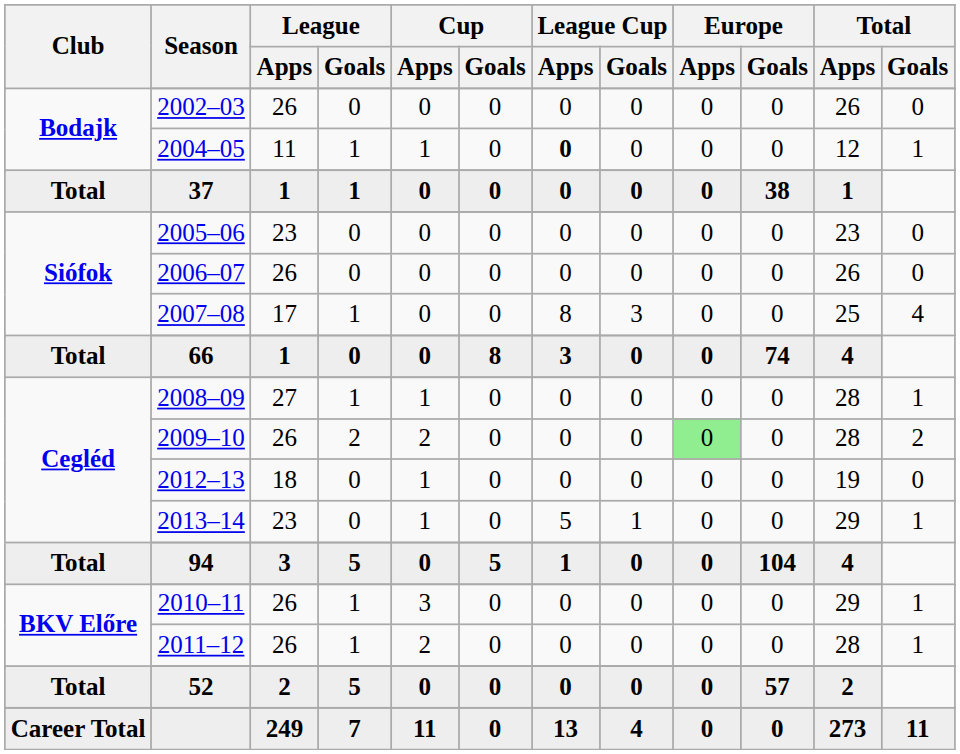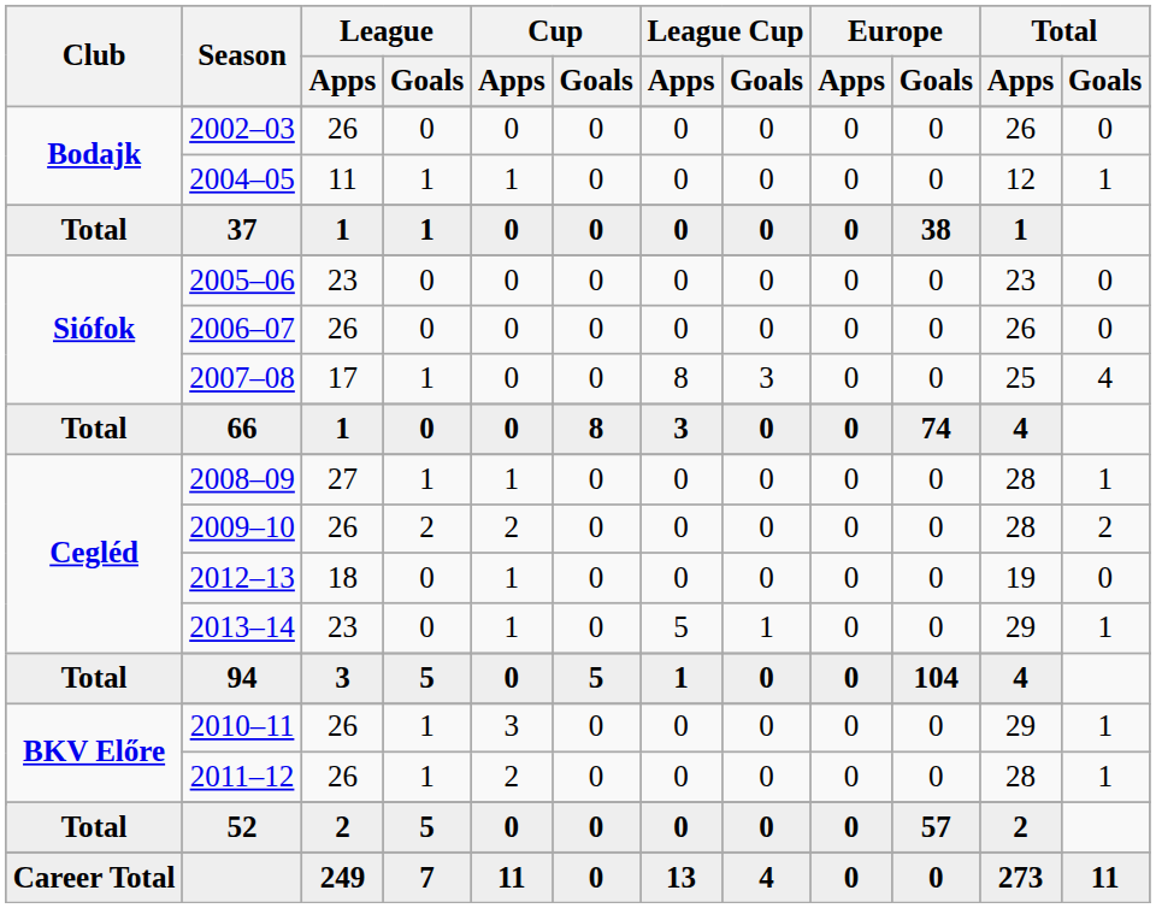 <table class="wikitable" style="font-size:90%; text-align: center;">
 <tr>
 <th rowspan="2">Club</th>
 <th rowspan="2">Season</th>
 <th colspan="2">League</th>
 <th colspan="2">Cup</th>
 <th colspan="2">League Cup</th>
 <th colspan="2">Europe</th>
 <th colspan="2">Total</th>
 </tr>
 <tr>
 <th>Apps</th>
 <th>Goals</th>
 <th>Apps</th>
 <th>Goals</th>
 <th>Apps</th>
 <th>Goals</th>
 <th>Apps</th>
 <th>Goals</th>
 <th>Apps</th>
 <th>Goals</th>
 </tr>
 <tr ||-||-||-|->
 <td rowspan="4" valign="center"><strong><a href='#'>Bodajk</a></strong></td>
 </tr>
 <tr>
 <td><a href='#'>2002–03</a></td>
 <td>26</td>
 <td>0</td>
 <td>0</td>
 <td>0</td>
 <td>0</td>
 <td>0</td>
 <td>0</td>
 <td>0</td>
 <td>26</td>
 <td>0</td>
 </tr>
 <tr>
 <td><a href='#'>2004–05</a></td>
 <td>11</td>
 <td>1</td>
 <td>1</td>
 <td>0</td>
-<td><strong>0</strong></td>
+<td>0</td>
 <td>0</td>
 <td>0</td>
 <td>0</td>
 <td>12</td>
 <td>1</td>
 </tr>
 <tr>
 </tr>
 <tr style="font-weight:bold; background-color:#eeeeee;">
 <td>Total</td>
 <td>37</td>
 <td>1</td>
 <td>1</td>
 <td>0</td>
 <td>0</td>
 <td>0</td>
 <td>0</td>
 <td>0</td>
 <td>38</td>
 <td>1</td>
 </tr>
 <tr>
 <td rowspan="5" valign="center"><strong><a href='#'>Siófok</a></strong></td>
 </tr>
 <tr>
 <td><a href='#'>2005–06</a></td>
 <td>23</td>
 <td>0</td>
 <td>0</td>
 <td>0</td>
 <td>0</td>
 <td>0</td>
 <td>0</td>
 <td>0</td>
 <td>23</td>
 <td>0</td>
 </tr>
 <tr>
 <td><a href='#'>2006–07</a></td>
 <td>26</td>
 <td>0</td>
 <td>0</td>
 <td>0</td>
 <td>0</td>
 <td>0</td>
 <td>0</td>
 <td>0</td>
 <td>26</td>
 <td>0</td>
 </tr>
 <tr>
 <td><a href='#'>2007–08</a></td>
 <td>17</td>
 <td>1</td>
 <td>0</td>
 <td>0</td>
 <td>8</td>
 <td>3</td>
 <td>0</td>
 <td>0</td>
 <td>25</td>
 <td>4</td>
 </tr>
 <tr>
 </tr>
 <tr style="font-weight:bold; background-color:#eeeeee;">
 <td>Total</td>
 <td>66</td>
 <td>1</td>
 <td>0</td>
 <td>0</td>
 <td>8</td>
 <td>3</td>
 <td>0</td>
 <td>0</td>
 <td>74</td>
 <td>4</td>
 </tr>
 <tr>
 <td rowspan="6" valign="center"><strong><a href='#'>Cegléd</a></strong></td>
 </tr>
 <tr>
 <td><a href='#'>2008–09</a></td>
 <td>27</td>
 <td>1</td>
 <td>1</td>
 <td>0</td>
 <td>0</td>
 <td>0</td>
 <td>0</td>
 <td>0</td>
 <td>28</td>
 <td>1</td>
 </tr>
 <tr>
 <td><a href='#'>2009–10</a></td>
 <td>26</td>
 <td>2</td>
 <td>2</td>
 <td>0</td>
 <td>0</td>
 <td>0</td>
-<td style="background: lightgreen;">0</td>
+<td>0</td>
 <td>0</td>
 <td>28</td>
 <td>2</td>
 </tr>
 <tr>
 <td><a href='#'>2012–13</a></td>
 <td>18</td>
 <td>0</td>
 <td>1</td>
 <td>0</td>
 <td>0</td>
 <td>0</td>
 <td>0</td>
 <td>0</td>
 <td>19</td>
 <td>0</td>
 </tr>
 <tr>
 <td><a href='#'>2013–14</a></td>
 <td>23</td>
 <td>0</td>
 <td>1</td>
 <td>0</td>
 <td>5</td>
 <td>1</td>
 <td>0</td>
 <td>0</td>
 <td>29</td>
 <td>1</td>
 </tr>
 <tr>
 </tr>
 <tr style="font-weight:bold; background-color:#eeeeee;">
 <td>Total</td>
 <td>94</td>
 <td>3</td>
 <td>5</td>
 <td>0</td>
 <td>5</td>
 <td>1</td>
 <td>0</td>
 <td>0</td>
 <td>104</td>
 <td>4</td>
 </tr>
 <tr>
 <td rowspan="4" valign="center"><strong><a href='#'>BKV Előre</a></strong></td>
 </tr>
 <tr>
 <td><a href='#'>2010–11</a></td>
 <td>26</td>
 <td>1</td>
 <td>3</td>
 <td>0</td>
 <td>0</td>
 <td>0</td>
 <td>0</td>
 <td>0</td>
 <td>29</td>
 <td>1</td>
 </tr>
 <tr>
 <td><a href='#'>2011–12</a></td>
 <td>26</td>
 <td>1</td>
 <td>2</td>
 <td>0</td>
 <td>0</td>
 <td>0</td>
 <td>0</td>
 <td>0</td>
 <td>28</td>
 <td>1</td>
 </tr>
 <tr>
 </tr>
 <tr style="font-weight:bold; background-color:#eeeeee;">
 <td>Total</td>
 <td>52</td>
 <td>2</td>
 <td>5</td>
 <td>0</td>
 <td>0</td>
 <td>0</td>
 <td>0</td>
 <td>0</td>
 <td>57</td>
 <td>2</td>
 </tr>
 <tr>
 </tr>
 <tr style="font-weight:bold; background-color:#eeeeee;">
 <td rowspan="2" valign="top"><strong>Career Total</strong></td>
 <td></td>
 <td><strong>249</strong></td>
 <td><strong>7</strong></td>
 <td><strong>11</strong></td>
 <td><strong>0</strong></td>
 <td><strong>13</strong></td>
 <td><strong>4</strong></td>
 <td><strong>0</strong></td>
 <td><strong>0</strong></td>
 <td><strong>273</strong></td>
 <td><strong>11</strong></td>
 </tr>
 </table>
